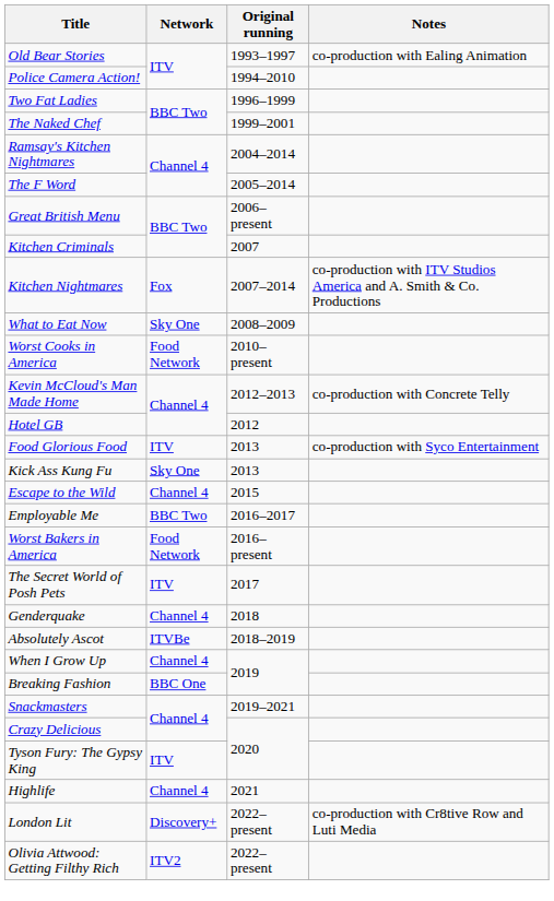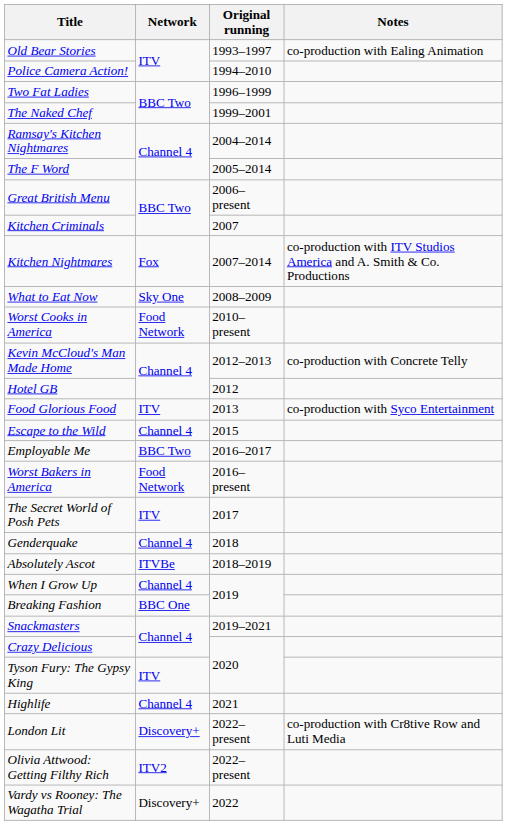 <table class="wikitable sortable">
 <tr>
 <th>Title</th>
 <th>Network</th>
 <th>Original running</th>
 <th>Notes</th>
 </tr>
 <tr>
 <td><em><a href='#'>Old Bear Stories</a></em></td>
 <td rowspan="2"><a href='#'>ITV</a></td>
 <td>1993–1997</td>
 <td>co-production with Ealing Animation</td>
 </tr>
 <tr>
 <td><em><a href='#'>Police Camera Action!</a></em></td>
 <td>1994–2010</td>
 <td></td>
 </tr>
 <tr>
 <td><em><a href='#'>Two Fat Ladies</a></em></td>
 <td rowspan="2"><a href='#'>BBC Two</a></td>
 <td>1996–1999</td>
 <td></td>
 </tr>
 <tr>
 <td><em><a href='#'>The Naked Chef</a></em></td>
 <td>1999–2001</td>
 <td></td>
 </tr>
 <tr>
 <td><em><a href='#'>Ramsay's Kitchen Nightmares</a></em></td>
 <td rowspan="2"><a href='#'>Channel 4</a></td>
 <td>2004–2014</td>
 <td></td>
 </tr>
 <tr>
 <td><em><a href='#'>The F Word</a></em></td>
 <td>2005–2014</td>
 <td></td>
 </tr>
 <tr>
 <td><em><a href='#'>Great British Menu</a></em></td>
 <td rowspan="2"><a href='#'>BBC Two</a></td>
 <td>2006–present</td>
 <td></td>
 </tr>
 <tr>
 <td><em><a href='#'>Kitchen Criminals</a></em></td>
 <td>2007</td>
 <td></td>
 </tr>
 <tr>
 <td><em><a href='#'>Kitchen Nightmares</a></em></td>
 <td><a href='#'>Fox</a></td>
 <td>2007–2014</td>
 <td>co-production with <a href='#'>ITV Studios America</a> and A. Smith & Co. Productions</td>
 </tr>
 <tr>
 <td><em><a href='#'>What to Eat Now</a></em></td>
 <td><a href='#'>Sky One</a></td>
 <td>2008–2009</td>
 <td></td>
 </tr>
 <tr>
 <td><em><a href='#'>Worst Cooks in America</a></em></td>
 <td><a href='#'>Food Network</a></td>
 <td>2010–present</td>
 <td></td>
 </tr>
 <tr>
 <td><em><a href='#'>Kevin McCloud's Man Made Home</a></em></td>
 <td rowspan="2'"><a href='#'>Channel 4</a></td>
 <td>2012–2013</td>
 <td>co-production with Concrete Telly</td>
 </tr>
 <tr>
 <td><em><a href='#'>Hotel GB</a></em></td>
 <td>2012</td>
 <td></td>
 </tr>
 <tr>
 <td><em><a href='#'>Food Glorious Food</a></em></td>
 <td><a href='#'>ITV</a></td>
 <td>2013</td>
 <td>co-production with <a href='#'>Syco Entertainment</a></td>
 </tr>
 <tr>
-<td><em>Kick Ass Kung Fu</em></td>
-<td><a href='#'>Sky One</a></td>
-<td>2013</td>
-<td></td>
-</tr>
-<tr>
 <td><em><a href='#'>Escape to the Wild</a></em></td>
 <td><a href='#'>Channel 4</a></td>
 <td>2015</td>
 <td></td>
 </tr>
 <tr>
 <td><em>Employable Me</em></td>
 <td><a href='#'>BBC Two</a></td>
 <td>2016–2017</td>
 <td></td>
 </tr>
 <tr>
 <td><em><a href='#'>Worst Bakers in America</a></em></td>
 <td><a href='#'>Food Network</a></td>
 <td>2016–present</td>
 <td></td>
 </tr>
 <tr>
 <td><em>The Secret World of Posh Pets</em></td>
 <td><a href='#'>ITV</a></td>
 <td>2017</td>
 <td></td>
 </tr>
 <tr>
 <td><em>Genderquake</em></td>
 <td><a href='#'>Channel 4</a></td>
 <td>2018</td>
 <td></td>
 </tr>
 <tr>
 <td><em>Absolutely Ascot</em></td>
 <td><a href='#'>ITVBe</a></td>
 <td>2018–2019</td>
 <td></td>
 </tr>
 <tr>
 <td><em>When I Grow Up</em></td>
 <td><a href='#'>Channel 4</a></td>
 <td rowspan="2">2019</td>
 <td></td>
 </tr>
 <tr>
 <td><em>Breaking Fashion</em></td>
 <td><a href='#'>BBC One</a></td>
 <td></td>
 </tr>
 <tr>
 <td><em><a href='#'>Snackmasters</a></em></td>
 <td rowspan="2"><a href='#'>Channel 4</a></td>
 <td>2019–2021</td>
 <td></td>
 </tr>
 <tr>
 <td><em><a href='#'>Crazy Delicious</a></em></td>
 <td rowspan="2'">2020</td>
 <td></td>
 </tr>
 <tr>
 <td><em>Tyson Fury: The Gypsy King</em></td>
 <td><a href='#'>ITV</a></td>
 <td></td>
 </tr>
 <tr>
 <td><em>Highlife</em></td>
 <td><a href='#'>Channel 4</a></td>
 <td>2021</td>
 <td></td>
 </tr>
 <tr>
 <td><em>London Lit</em></td>
 <td><a href='#'>Discovery+</a></td>
 <td>2022–present</td>
 <td>co-production with Cr8tive Row and Luti Media</td>
 </tr>
 <tr>
 <td><em>Olivia Attwood: Getting Filthy Rich</em></td>
 <td><a href='#'>ITV2</a></td>
 <td>2022–present</td>
 <td></td>
 </tr>
+<tr>
+<td><em>Vardy vs Rooney: The Wagatha Trial</em></td>
+<td>Discovery+</td>
+<td>2022</td>
+<td></td>
+</tr>
 </table>
